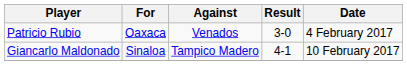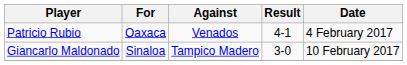 <table class="wikitable">
 <tr>
 <th>Player</th>
 <th>For</th>
 <th>Against</th>
 <th align=center>Result</th>
 <th>Date</th>
 </tr>
 <tr>
 <td> <a href='#'>Patricio Rubio</a></td>
 <td align="center"><a href='#'>Oaxaca</a></td>
 <td align="center"><a href='#'>Venados</a></td>
-<td align="center">3-0</td>
+<td align="center">4-1</td>
 <td>4 February 2017</td>
 </tr>
 <tr>
 <td> <a href='#'>Giancarlo Maldonado</a></td>
 <td align="center"><a href='#'>Sinaloa</a></td>
 <td align="center"><a href='#'>Tampico Madero</a></td>
-<td align="center">4-1</td>
+<td align="center">3-0</td>
 <td>10 February 2017</td>
 </tr>
 <tr>
 </tr>
 </table>
